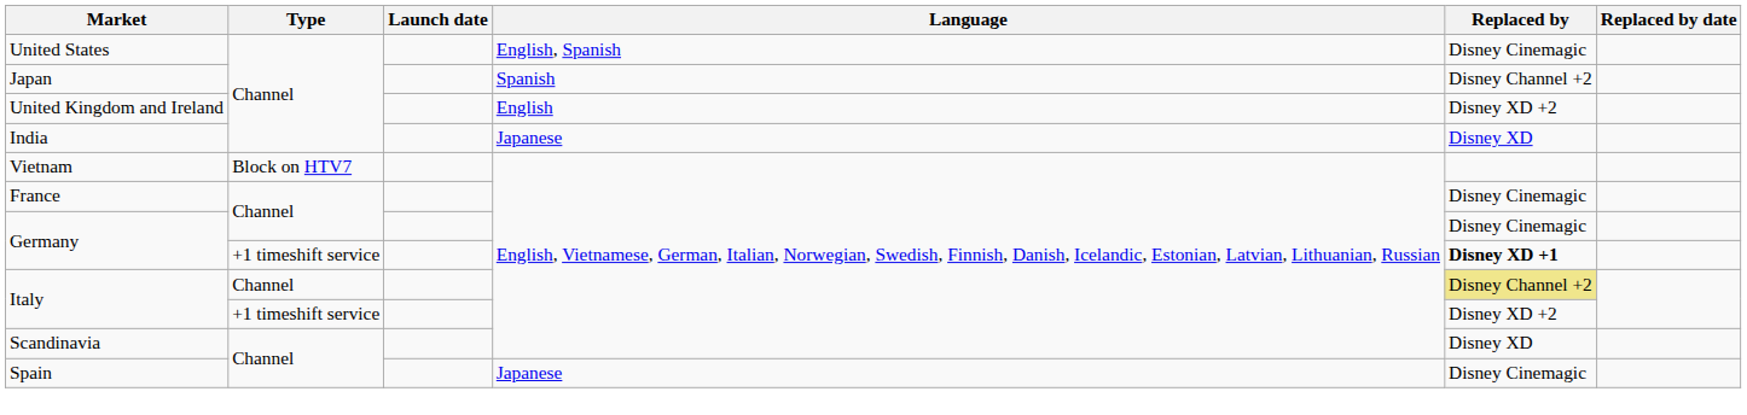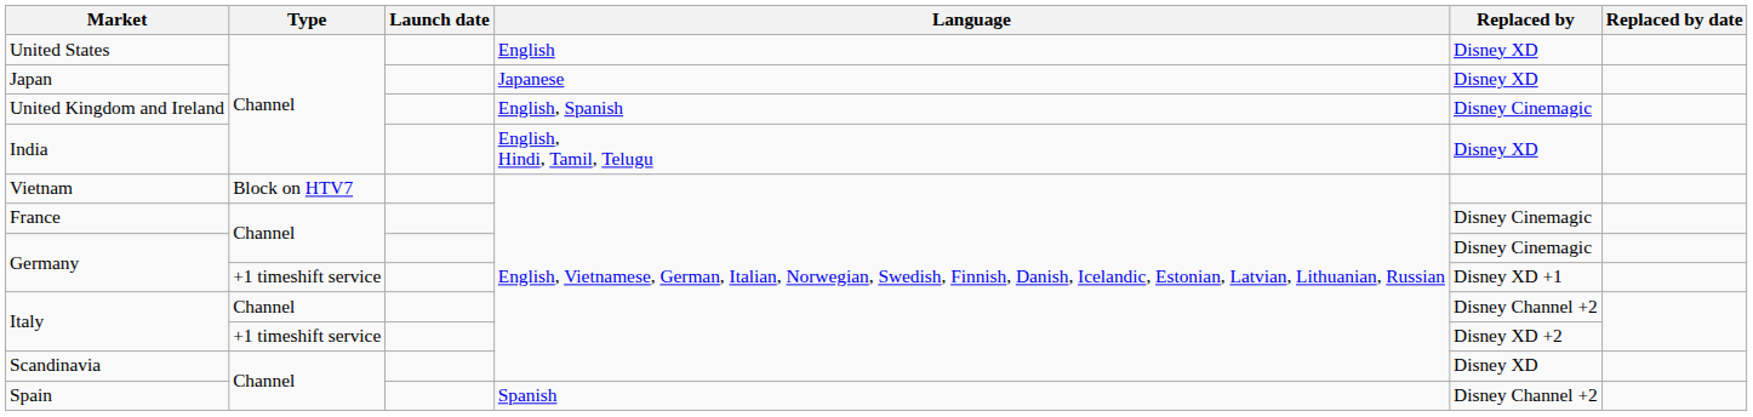 <table class="wikitable sortable">
 <tr>
 <th>Market</th>
 <th>Type</th>
 <th>Launch date</th>
 <th>Language</th>
 <th>Replaced by</th>
 <th>Replaced by date</th>
 </tr>
 <tr>
 <td>United States</td>
 <td rowspan="4">Channel</td>
 <td></td>
-<td><a href='#'>English</a>, <a href='#'>Spanish</a></td>
-<td>Disney Cinemagic</td>
+<td><a href='#'>English</a></td>
+<td><a href='#'>Disney XD</a></td>
 <td></td>
 </tr>
 <tr>
 <td>Japan</td>
 <td></td>
-<td><a href='#'>Spanish</a></td>
-<td>Disney Channel +2</td>
+<td><a href='#'>Japanese</a></td>
+<td><a href='#'>Disney XD</a></td>
 <td></td>
 </tr>
 <tr>
 <td>United Kingdom and Ireland</td>
 <td></td>
-<td><a href='#'>English</a></td>
-<td>Disney XD +2</td>
+<td><a href='#'>English</a>, <a href='#'>Spanish</a></td>
+<td><a href='#'>Disney Cinemagic</a></td>
 <td></td>
 </tr>
 <tr>
 <td>India</td>
 <td></td>
-<td><a href='#'>Japanese</a></td>
+<td><a href='#'>English</a>,<br><a href='#'>Hindi</a>, <a href='#'>Tamil</a>, <a href='#'>Telugu</a></td>
 <td><a href='#'>Disney XD</a></td>
 <td></td>
 </tr>
 <tr>
 <td>Vietnam</td>
 <td>Block on <a href='#'>HTV7</a></td>
 <td></td>
 <td rowspan="7"><a href='#'>English</a>, <a href='#'>Vietnamese</a>, <a href='#'>German</a>, <a href='#'>Italian</a>, <a href='#'>Norwegian</a>, <a href='#'>Swedish</a>, <a href='#'>Finnish</a>, <a href='#'>Danish</a>, <a href='#'>Icelandic</a>, <a href='#'>Estonian</a>, <a href='#'>Latvian</a>, <a href='#'>Lithuanian</a>, <a href='#'>Russian</a></td>
 <td></td>
 </tr>
 <tr>
 <td>France</td>
 <td rowspan="2">Channel</td>
 <td></td>
 <td>Disney Cinemagic</td>
 <td></td>
 </tr>
 <tr>
 <td rowspan="2">Germany</td>
 <td></td>
 <td>Disney Cinemagic</td>
 <td></td>
 </tr>
 <tr>
 <td>+1 timeshift service</td>
 <td></td>
-<td><strong>Disney XD +1</strong></td>
+<td>Disney XD +1</td>
 <td></td>
 </tr>
 <tr>
 <td rowspan="2">Italy</td>
 <td>Channel</td>
 <td></td>
-<td style="background: khaki;">Disney Channel +2</td>
+<td>Disney Channel +2</td>
 <td rowspan="2"></td>
 </tr>
 <tr>
 <td>+1 timeshift service</td>
 <td></td>
 <td>Disney XD +2</td>
 </tr>
 <tr>
 <td>Scandinavia</td>
 <td rowspan="2">Channel</td>
 <td></td>
 <td>Disney XD</td>
 <td></td>
 </tr>
 <tr>
 <td>Spain</td>
 <td></td>
-<td><a href='#'>Japanese</a></td>
-<td>Disney Cinemagic</td>
+<td><a href='#'>Spanish</a></td>
+<td>Disney Channel +2</td>
 <td></td>
 </tr>
 </table>
